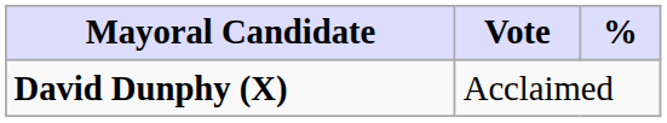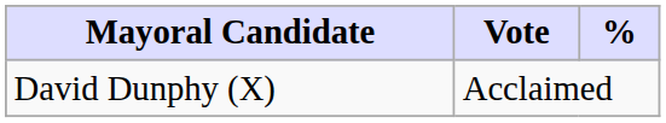 <table class="wikitable">
 <tr>
 <th style="background:#ddf; width:200px;">Mayoral Candidate </th>
 <th style="background:#ddf; width:50px;">Vote</th>
 <th style="background:#ddf; width:30px;">%</th>
 </tr>
 <tr>
-<td><strong>David Dunphy (X)</strong></td>
+<td>David Dunphy (X)</td>
 <td colspan="2">Acclaimed</td>
 </tr>
 </table>
